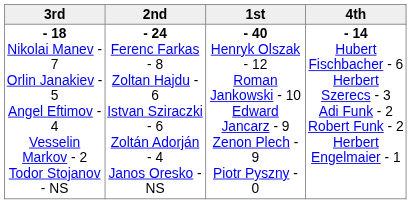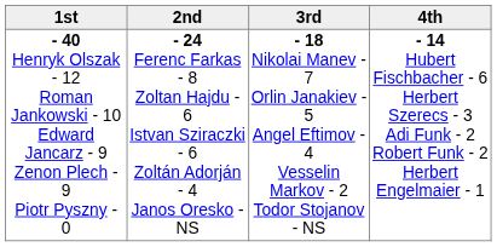 <table border=1 cellpadding=2 cellspacing=0 width=75% style="border-collapse:collapse">
 <tr align=center style="background:#efefef;">
+<th width=20% >1st</th>
+<th width=20% >2nd</th>
 <th width=20% >3rd</th>
-<th width=20% >2nd</th>
-<th width=20% >1st</th>
 <th width=20%>4th</th>
 </tr>
 <tr align=center>
+<td valign=top ><strong> - 40</strong><br><a href='#'>Henryk Olszak</a> - 12 <br><a href='#'>Roman Jankowski</a> - 10 <br><a href='#'>Edward Jancarz</a> - 9 <br><a href='#'>Zenon Plech</a> - 9 <br><a href='#'>Piotr Pyszny</a> - 0</td>
+<td valign=top ><strong> - 24</strong><br><a href='#'>Ferenc Farkas</a> - 8 <br><a href='#'>Zoltan Hajdu</a> - 6 <br><a href='#'>Istvan Sziraczki</a> - 6 <br><a href='#'>Zoltán Adorján</a> - 4 <br><a href='#'>Janos Oresko</a> - NS</td>
 <td valign=top ><strong> - 18</strong><br><a href='#'>Nikolai Manev</a> - 7 <br><a href='#'>Orlin Janakiev</a> - 5 <br><a href='#'>Angel Eftimov</a> - 4 <br><a href='#'>Vesselin Markov</a> - 2 <br><a href='#'>Todor Stojanov</a> - NS</td>
-<td valign=top ><strong> - 24</strong><br><a href='#'>Ferenc Farkas</a> - 8 <br><a href='#'>Zoltan Hajdu</a> - 6 <br><a href='#'>Istvan Sziraczki</a> - 6 <br><a href='#'>Zoltán Adorján</a> - 4 <br><a href='#'>Janos Oresko</a> - NS</td>
-<td valign=top ><strong> - 40</strong><br><a href='#'>Henryk Olszak</a> - 12 <br><a href='#'>Roman Jankowski</a> - 10 <br><a href='#'>Edward Jancarz</a> - 9 <br><a href='#'>Zenon Plech</a> - 9 <br><a href='#'>Piotr Pyszny</a> - 0</td>
 <td valign=top><strong> - 14</strong><br><a href='#'>Hubert Fischbacher</a> - 6 <br><a href='#'>Herbert Szerecs</a> - 3 <br><a href='#'>Adi Funk</a> - 2 <br><a href='#'>Robert Funk</a> - 2 <br><a href='#'>Herbert Engelmaier</a> - 1</td>
 </tr>
 </table>
